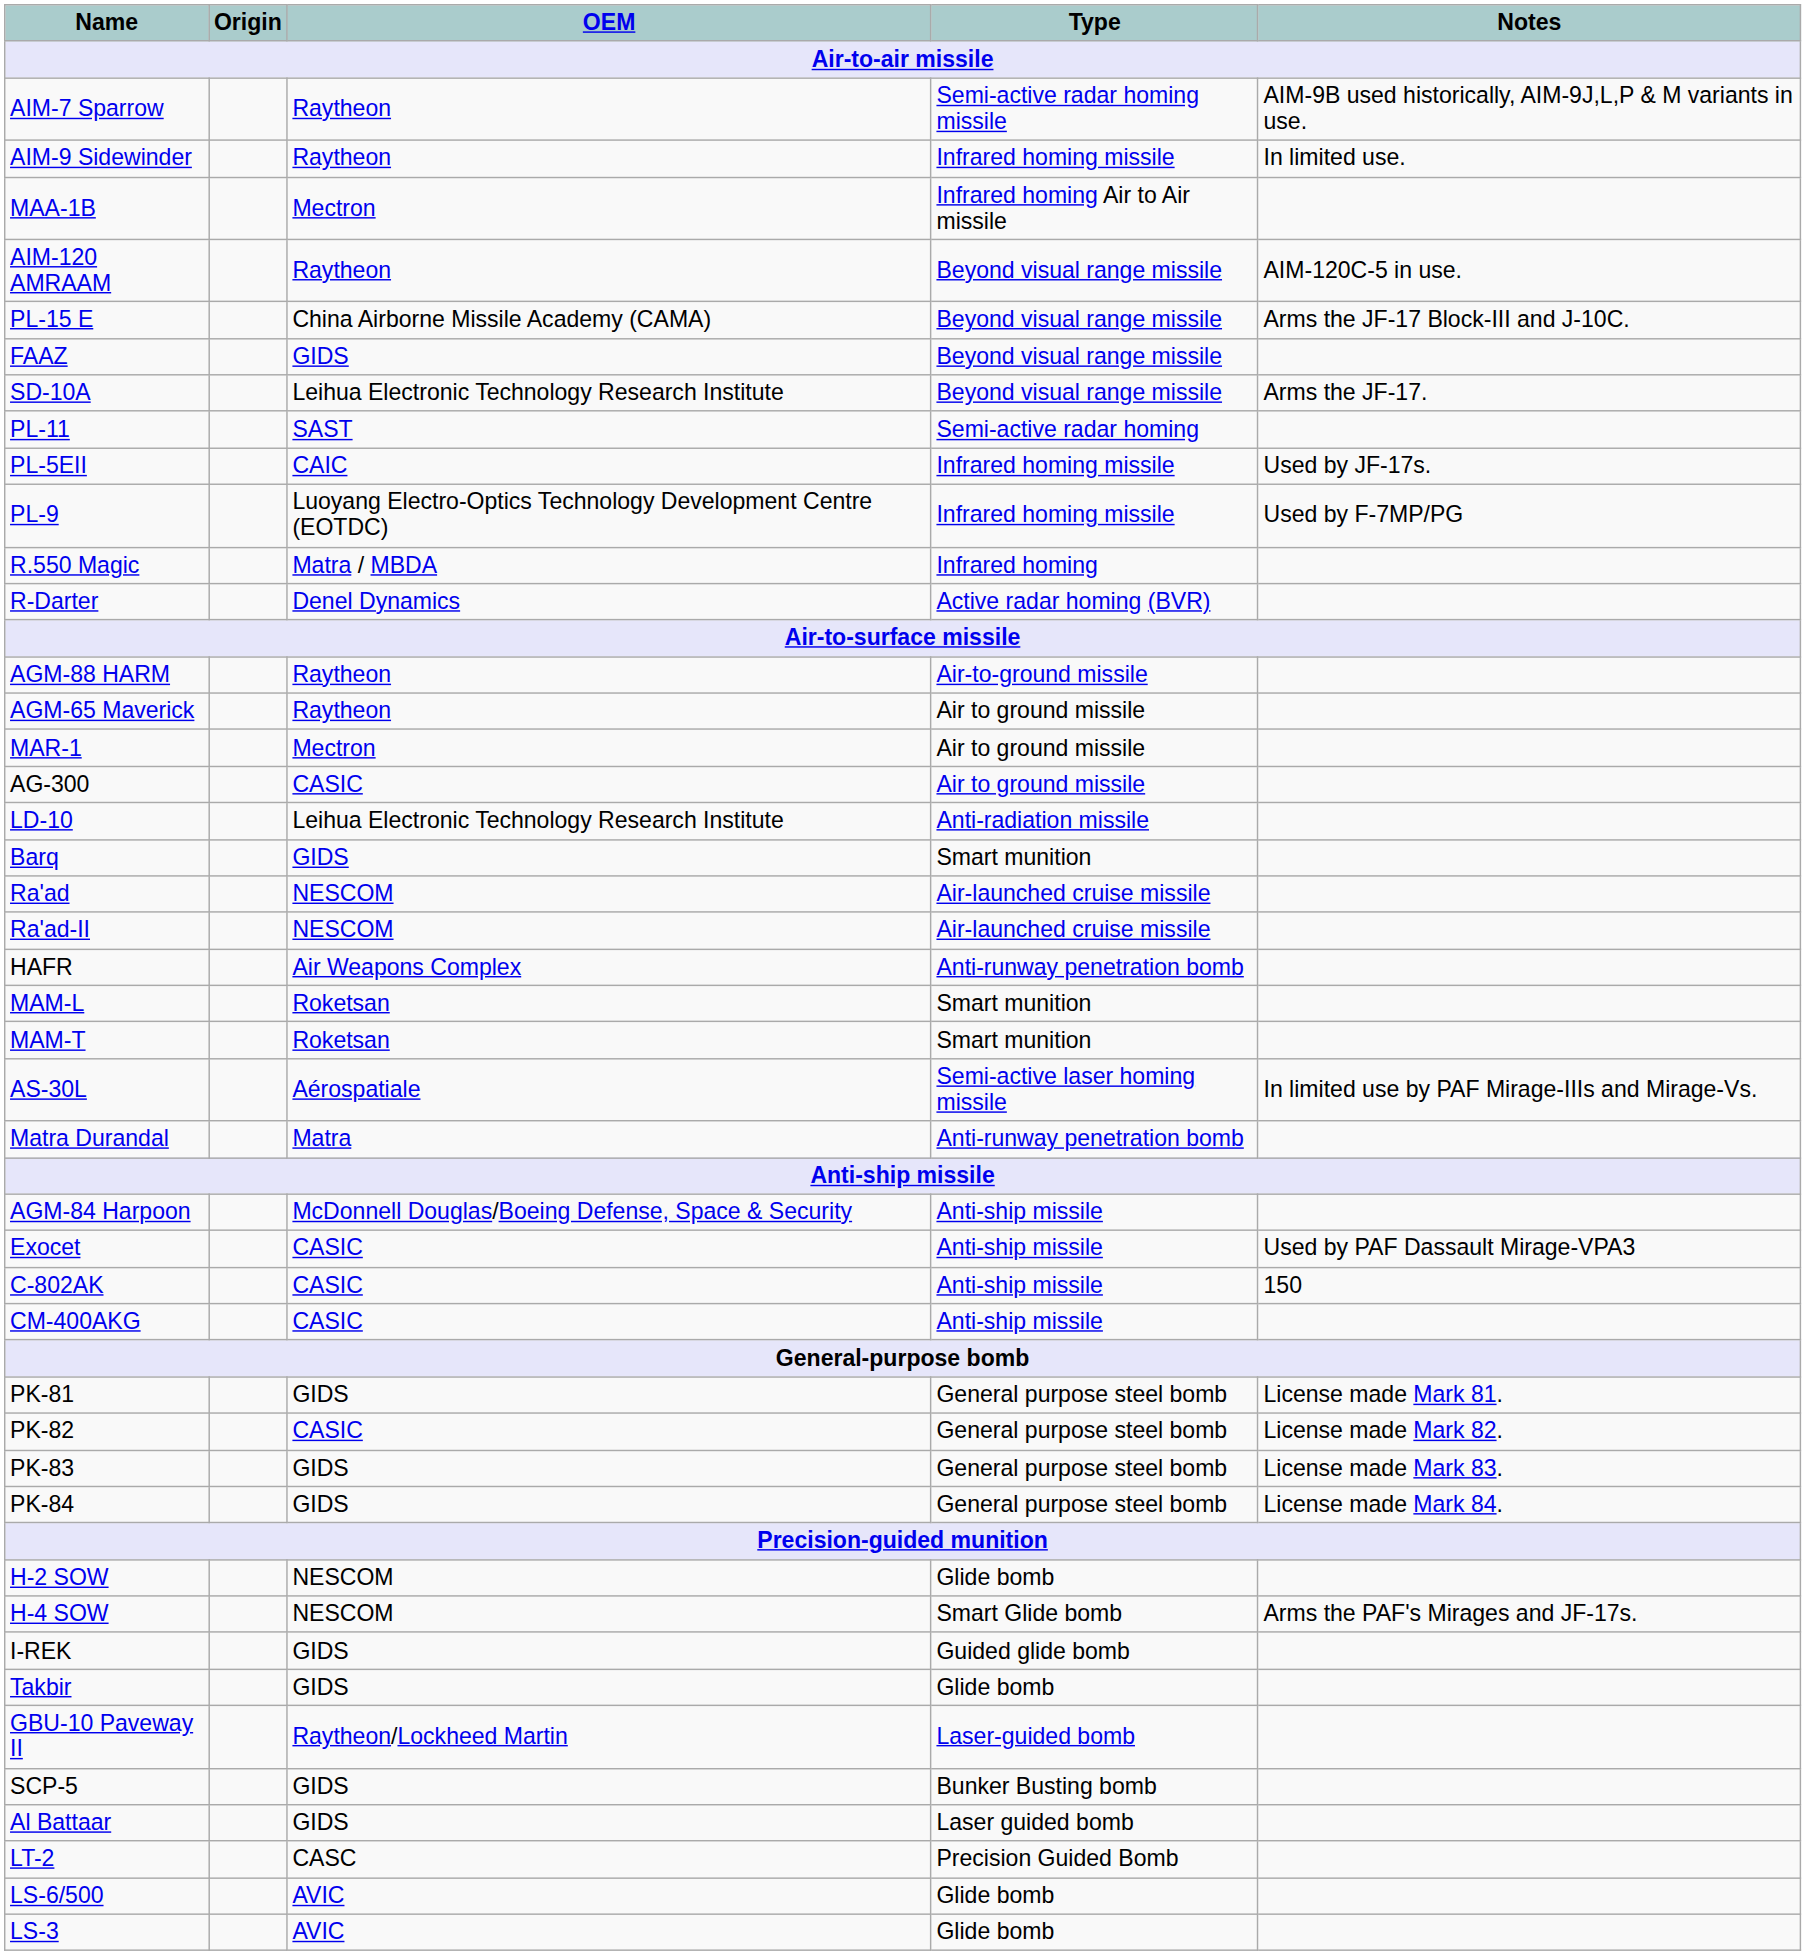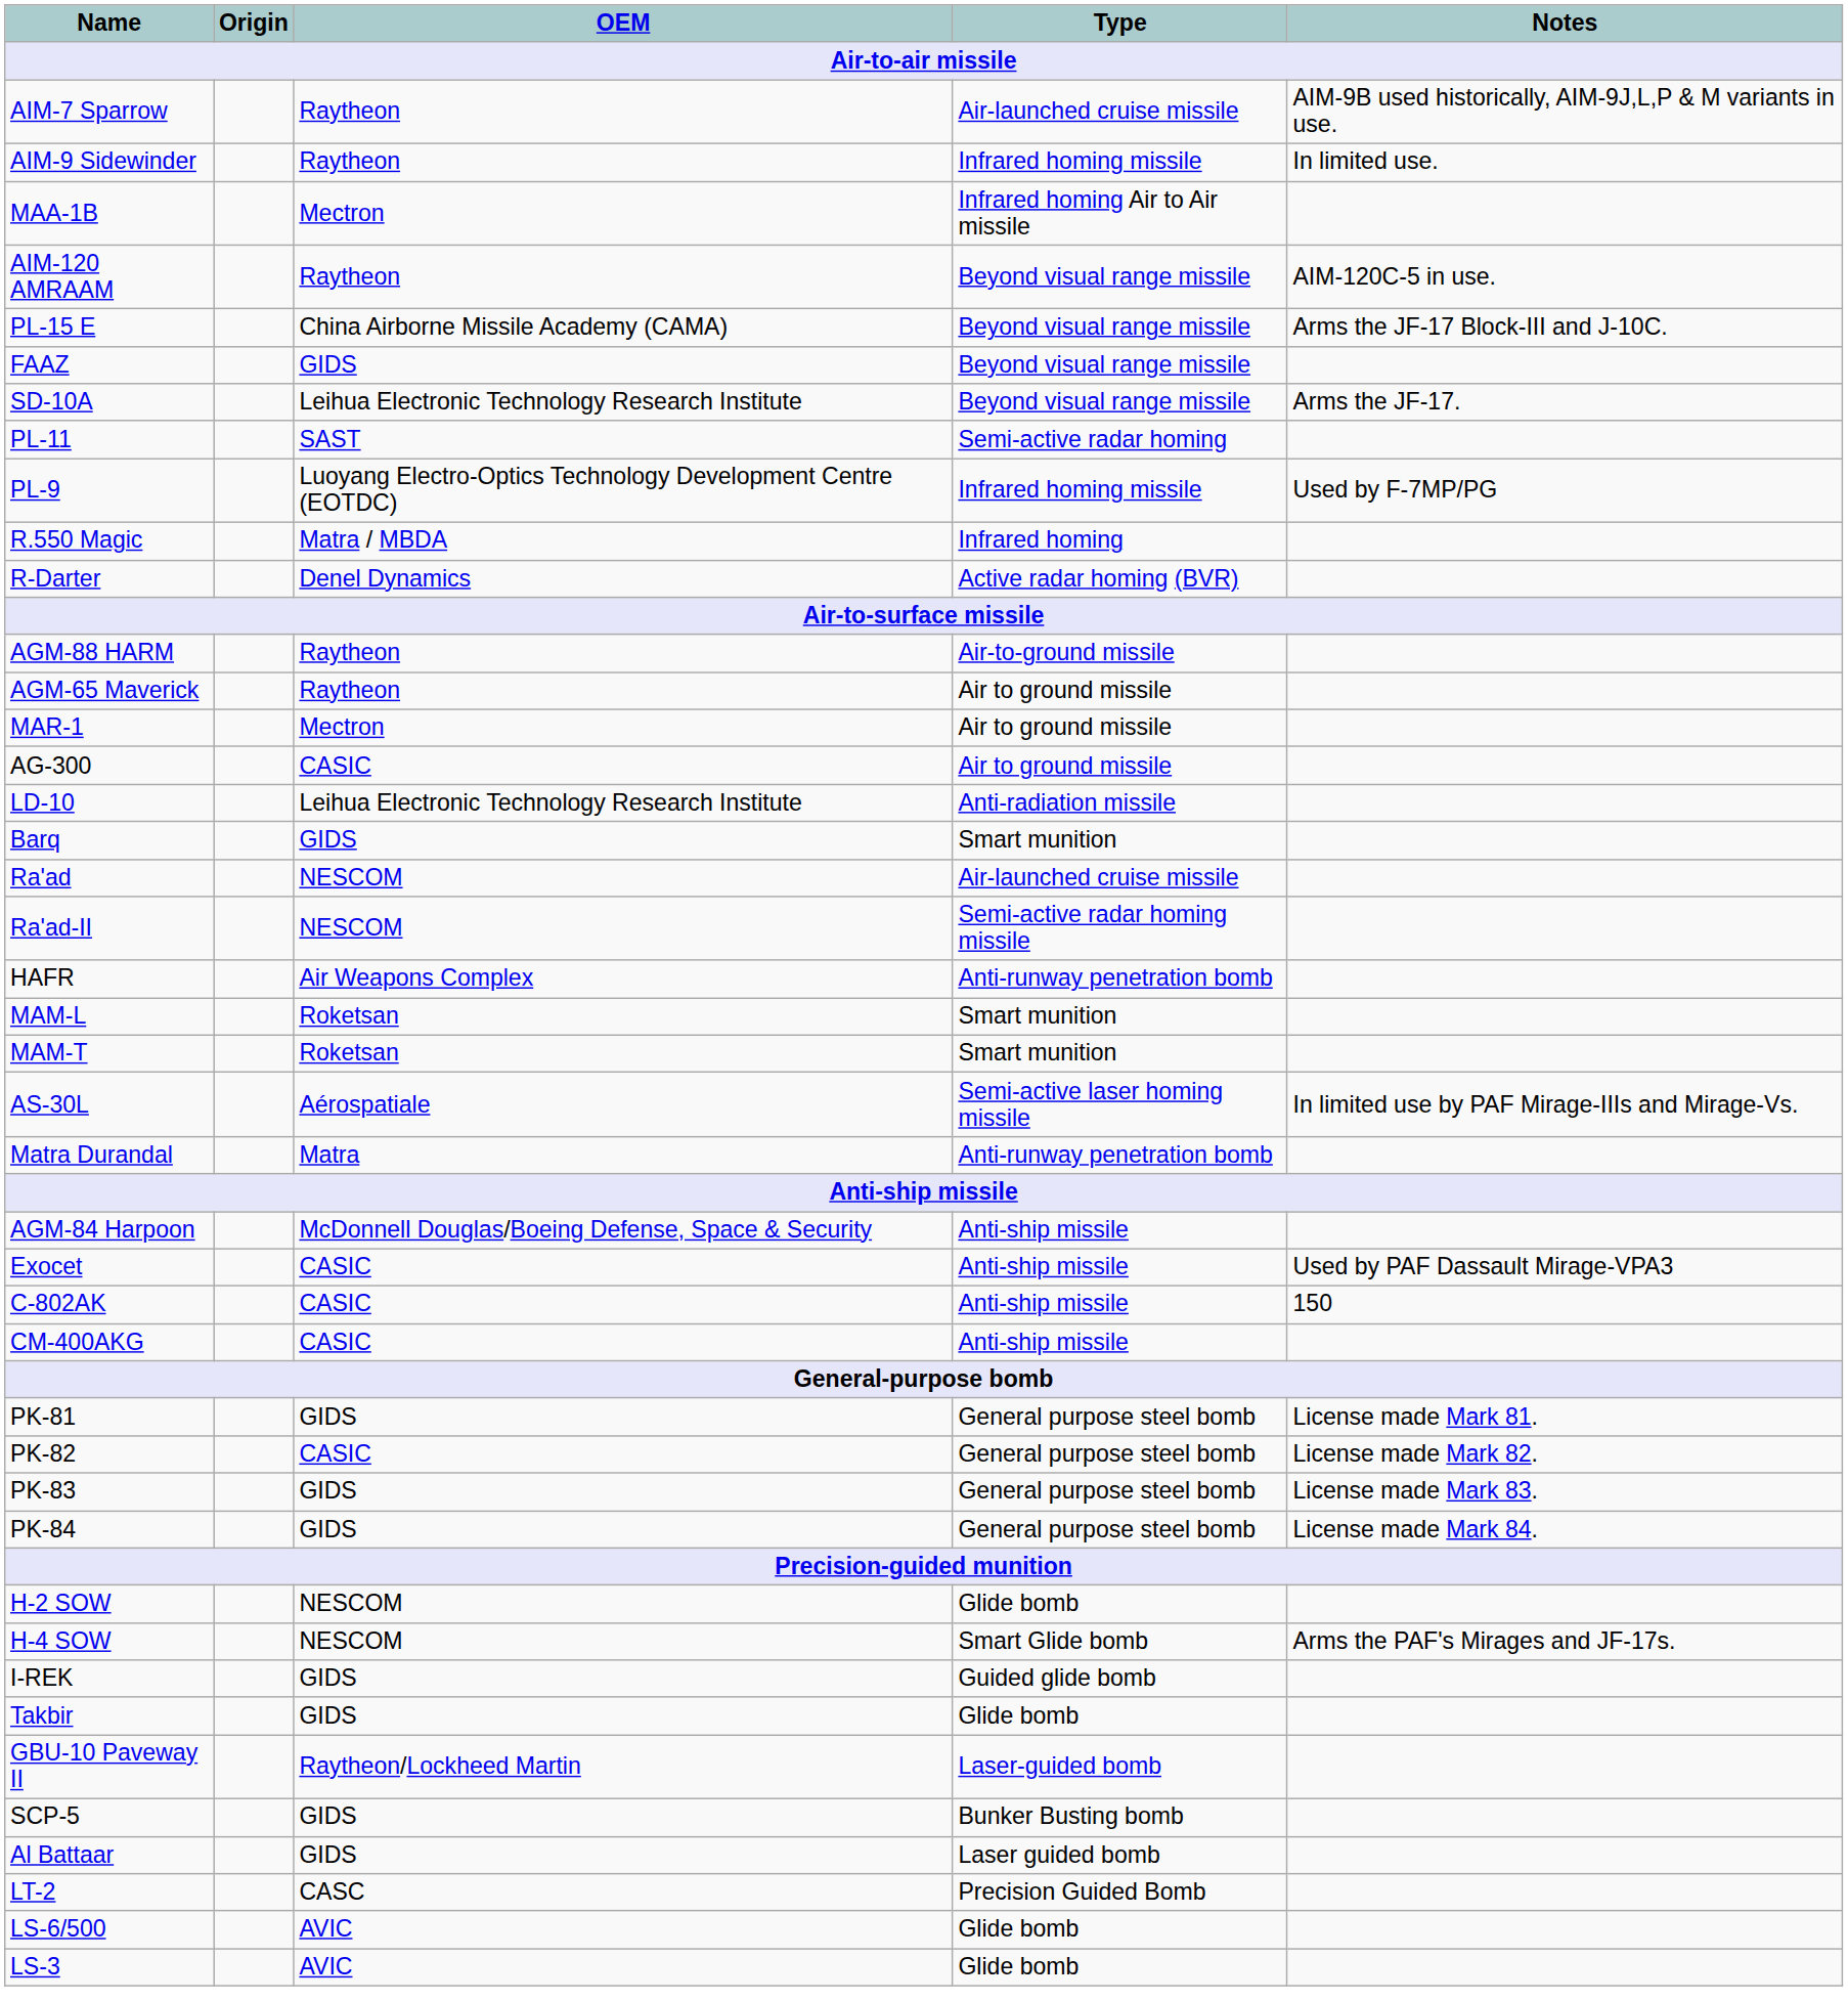 <table class="wikitable">
 <tr>
 <th style="text-align:l center; background:#acc;">Name</th>
 <th style="text-align:center; background:#acc;">Origin</th>
 <th style="text-align: center; background:#acc;"><a href='#'>OEM</a></th>
 <th style="text-align:l center; background:#acc;">Type</th>
 <th style="text-align: center; background:#acc;">Notes</th>
 </tr>
 <tr>
 <th style="align: center; background: lavender;" colspan="5"><a href='#'>Air-to-air missile</a></th>
 </tr>
 <tr>
 <td><a href='#'>AIM-7 Sparrow</a></td>
 <td></td>
 <td><a href='#'>Raytheon</a></td>
-<td><a href='#'>Semi-active radar homing missile</a></td>
+<td><a href='#'>Air-launched cruise missile</a></td>
 <td>AIM-9B used historically, AIM-9J,L,P & M variants in use.</td>
 </tr>
 <tr>
 <td><a href='#'>AIM-9 Sidewinder</a></td>
 <td></td>
 <td><a href='#'>Raytheon</a></td>
 <td><a href='#'>Infrared homing missile</a></td>
 <td>In limited use.</td>
 </tr>
 <tr>
 <td><a href='#'>MAA-1B</a></td>
 <td></td>
 <td><a href='#'>Mectron</a></td>
 <td><a href='#'>Infrared homing</a> Air to Air missile</td>
 <td></td>
 </tr>
 <tr>
 <td><a href='#'>AIM-120 AMRAAM</a></td>
 <td></td>
 <td><a href='#'>Raytheon</a></td>
 <td><a href='#'>Beyond visual range missile</a></td>
 <td>AIM-120C-5 in use.</td>
 </tr>
 <tr>
 <td><a href='#'>PL-15 E</a></td>
 <td></td>
 <td>China Airborne Missile Academy (CAMA)</td>
 <td><a href='#'>Beyond visual range missile</a></td>
 <td>Arms the JF-17 Block-III and J-10C.</td>
 </tr>
 <tr>
 <td><a href='#'>FAAZ</a></td>
 <td></td>
 <td><a href='#'>GIDS</a></td>
 <td><a href='#'>Beyond visual range missile</a></td>
 <td></td>
 </tr>
 <tr>
 <td><a href='#'>SD-10A</a></td>
 <td></td>
 <td>Leihua Electronic Technology Research Institute</td>
 <td><a href='#'>Beyond visual range missile</a></td>
 <td>Arms the JF-17.</td>
 </tr>
 <tr>
 <td><a href='#'>PL-11</a></td>
 <td></td>
 <td><a href='#'>SAST</a></td>
 <td><a href='#'>Semi-active radar homing</a></td>
 <td></td>
-</tr>
-<tr>
-<td><a href='#'>PL-5EII</a></td>
-<td></td>
-<td><a href='#'>CAIC</a></td>
-<td><a href='#'>Infrared homing missile</a></td>
-<td>Used by JF-17s.</td>
 </tr>
 <tr>
 <td><a href='#'>PL-9</a></td>
 <td></td>
 <td>Luoyang Electro-Optics Technology Development Centre (EOTDC)</td>
 <td><a href='#'>Infrared homing missile</a></td>
 <td>Used by F-7MP/PG</td>
 </tr>
 <tr>
 <td><a href='#'>R.550 Magic</a></td>
 <td></td>
 <td><a href='#'>Matra</a> / <a href='#'>MBDA</a></td>
 <td><a href='#'>Infrared homing</a></td>
 <td></td>
 </tr>
 <tr>
 <td><a href='#'>R-Darter</a></td>
 <td></td>
 <td><a href='#'>Denel Dynamics</a></td>
 <td><a href='#'>Active radar homing</a> <a href='#'>(BVR)</a></td>
 <td></td>
 </tr>
 <tr>
 <th style="align: center; background: lavender;" colspan="5"><a href='#'>Air-to-surface missile</a></th>
 </tr>
 <tr>
 <td><a href='#'>AGM-88 HARM</a></td>
 <td></td>
 <td><a href='#'>Raytheon</a></td>
 <td><a href='#'>Air-to-ground missile</a></td>
 <td></td>
 </tr>
 <tr>
 <td><a href='#'>AGM-65 Maverick</a></td>
 <td></td>
 <td><a href='#'>Raytheon</a></td>
 <td>Air to ground missile</td>
 <td></td>
 </tr>
 <tr>
 <td><a href='#'>MAR-1</a></td>
 <td></td>
 <td><a href='#'>Mectron</a></td>
 <td>Air to ground missile</td>
 <td></td>
 </tr>
 <tr>
 <td>AG-300</td>
 <td></td>
 <td><a href='#'>CASIC</a></td>
 <td><a href='#'>Air to ground missile</a></td>
 <td></td>
 </tr>
 <tr>
 <td><a href='#'>LD-10</a></td>
 <td></td>
 <td>Leihua Electronic Technology Research Institute</td>
 <td><a href='#'>Anti-radiation missile</a></td>
 <td></td>
 </tr>
 <tr>
 <td><a href='#'>Barq</a></td>
 <td></td>
 <td><a href='#'>GIDS</a></td>
 <td>Smart munition</td>
 <td></td>
 </tr>
 <tr>
 <td><a href='#'>Ra'ad</a></td>
 <td></td>
 <td><a href='#'>NESCOM</a></td>
 <td><a href='#'>Air-launched cruise missile</a></td>
 <td></td>
 </tr>
 <tr>
 <td><a href='#'>Ra'ad-II</a></td>
 <td></td>
 <td><a href='#'>NESCOM</a></td>
-<td><a href='#'>Air-launched cruise missile</a></td>
+<td><a href='#'>Semi-active radar homing missile</a></td>
 <td></td>
 </tr>
 <tr>
 <td>HAFR</td>
 <td></td>
 <td><a href='#'>Air Weapons Complex</a></td>
 <td><a href='#'>Anti-runway penetration bomb</a></td>
 <td></td>
 </tr>
 <tr>
 <td><a href='#'>MAM-L</a></td>
 <td></td>
 <td><a href='#'>Roketsan</a></td>
 <td>Smart munition</td>
 <td></td>
 </tr>
 <tr>
 <td><a href='#'>MAM-T</a></td>
 <td></td>
 <td><a href='#'>Roketsan</a></td>
 <td>Smart munition</td>
 <td></td>
 </tr>
 <tr>
 <td><a href='#'>AS-30L</a></td>
 <td></td>
 <td><a href='#'>Aérospatiale</a></td>
 <td><a href='#'>Semi-active laser homing missile</a></td>
 <td>In limited use by PAF Mirage-IIIs and Mirage-Vs.</td>
 </tr>
 <tr>
 <td><a href='#'>Matra Durandal</a></td>
 <td></td>
 <td><a href='#'>Matra</a></td>
 <td><a href='#'>Anti-runway penetration bomb</a></td>
 <td></td>
 </tr>
 <tr>
 <th style="align: center; background: lavender;" colspan="5"><a href='#'>Anti-ship missile</a></th>
 </tr>
 <tr>
 <td><a href='#'>AGM-84 Harpoon</a></td>
 <td></td>
 <td><a href='#'>McDonnell Douglas</a>/<a href='#'>Boeing Defense, Space & Security</a></td>
 <td><a href='#'>Anti-ship missile</a></td>
 <td></td>
 </tr>
 <tr>
 <td><a href='#'>Exocet</a></td>
 <td></td>
 <td><a href='#'>CASIC</a></td>
 <td><a href='#'>Anti-ship missile</a></td>
 <td>Used by PAF Dassault Mirage-VPA3</td>
 </tr>
 <tr>
 <td><a href='#'>C-802AK</a></td>
 <td></td>
 <td><a href='#'>CASIC</a></td>
 <td><a href='#'>Anti-ship missile</a></td>
 <td>150</td>
 </tr>
 <tr>
 <td><a href='#'>CM-400AKG</a></td>
 <td></td>
 <td><a href='#'>CASIC</a></td>
 <td><a href='#'>Anti-ship missile</a></td>
 <td></td>
 </tr>
 <tr>
 <th style="align: center; background: lavender;" colspan="5">General-purpose bomb</th>
 </tr>
 <tr>
 <td>PK-81</td>
 <td></td>
 <td>GIDS</td>
 <td>General purpose steel bomb</td>
 <td>License made <a href='#'>Mark 81</a>.</td>
 </tr>
 <tr>
 <td>PK-82</td>
 <td></td>
 <td><a href='#'>CASIC</a></td>
 <td>General purpose steel bomb</td>
 <td>License made <a href='#'>Mark 82</a>.</td>
 </tr>
 <tr>
 <td>PK-83</td>
 <td></td>
 <td>GIDS</td>
 <td>General purpose steel bomb</td>
 <td>License made <a href='#'>Mark 83</a>.</td>
 </tr>
 <tr>
 <td>PK-84</td>
 <td></td>
 <td>GIDS</td>
 <td>General purpose steel bomb</td>
 <td>License made <a href='#'>Mark 84</a>.</td>
 </tr>
 <tr>
 <th style="align: center; background: lavender;" colspan="5"><a href='#'>Precision-guided munition</a></th>
 </tr>
 <tr>
 <td><a href='#'>H-2 SOW</a></td>
 <td></td>
 <td>NESCOM</td>
 <td>Glide bomb</td>
 <td></td>
 </tr>
 <tr>
 <td><a href='#'>H-4 SOW</a></td>
 <td></td>
 <td>NESCOM</td>
 <td>Smart Glide bomb</td>
 <td>Arms the PAF's Mirages and JF-17s.</td>
 </tr>
 <tr>
 <td>I-REK</td>
 <td></td>
 <td>GIDS</td>
 <td>Guided glide bomb</td>
 <td></td>
 </tr>
 <tr>
 <td><a href='#'>Takbir</a></td>
 <td></td>
 <td>GIDS</td>
 <td>Glide bomb</td>
 <td></td>
 </tr>
 <tr>
 <td><a href='#'>GBU-10 Paveway II</a></td>
 <td></td>
 <td><a href='#'>Raytheon</a>/<a href='#'>Lockheed Martin</a></td>
 <td><a href='#'>Laser-guided bomb</a></td>
 <td></td>
 </tr>
 <tr>
 <td>SCP-5</td>
 <td></td>
 <td>GIDS</td>
 <td>Bunker Busting bomb</td>
 <td></td>
 </tr>
 <tr>
 <td><a href='#'>Al Battaar</a></td>
 <td></td>
 <td>GIDS</td>
 <td>Laser guided bomb</td>
 <td></td>
 </tr>
 <tr>
 <td><a href='#'>LT-2</a></td>
 <td></td>
 <td>CASC</td>
 <td>Precision Guided Bomb</td>
 <td></td>
 </tr>
 <tr>
 <td><a href='#'>LS-6/500</a></td>
 <td></td>
 <td><a href='#'>AVIC</a></td>
 <td>Glide bomb</td>
 <td></td>
 </tr>
 <tr>
 <td><a href='#'>LS-3</a></td>
 <td></td>
 <td><a href='#'>AVIC</a></td>
 <td>Glide bomb</td>
 <td></td>
 </tr>
 </table>
